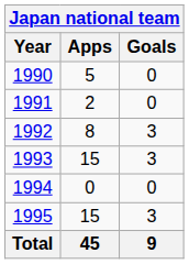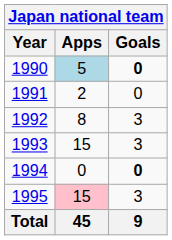 <table class="wikitable" style="text-align:center">
 <tr>
 <th colspan=3><a href='#'>Japan national team</a></th>
 </tr>
 <tr>
 <th>Year</th>
 <th>Apps</th>
 <th>Goals</th>
 </tr>
 <tr>
 <td><a href='#'>1990</a></td>
-<td>5</td>
-<td>0</td>
+<td style="background: lightblue;">5</td>
+<td><strong>0</strong></td>
 </tr>
 <tr>
 <td><a href='#'>1991</a></td>
 <td>2</td>
 <td>0</td>
 </tr>
 <tr>
 <td><a href='#'>1992</a></td>
 <td>8</td>
 <td>3</td>
 </tr>
 <tr>
 <td><a href='#'>1993</a></td>
 <td>15</td>
 <td>3</td>
 </tr>
 <tr>
 <td><a href='#'>1994</a></td>
 <td>0</td>
-<td>0</td>
+<td><strong>0</strong></td>
 </tr>
 <tr>
 <td><a href='#'>1995</a></td>
-<td>15</td>
+<td style="background: pink;">15</td>
 <td>3</td>
 </tr>
 <tr>
 <th>Total</th>
 <th>45</th>
 <th>9</th>
 </tr>
 </table>
